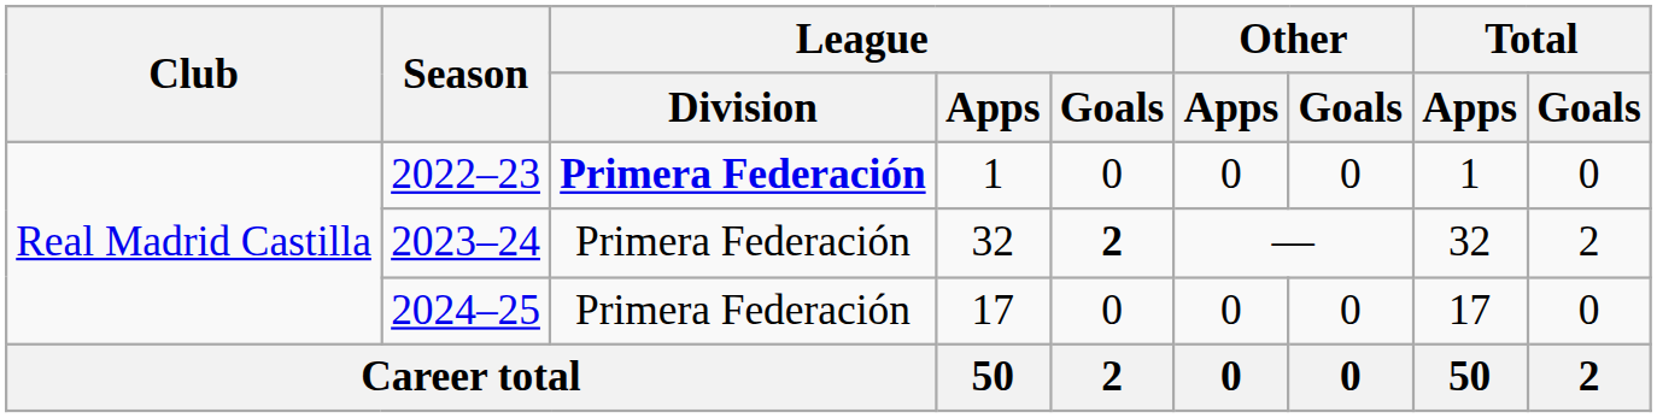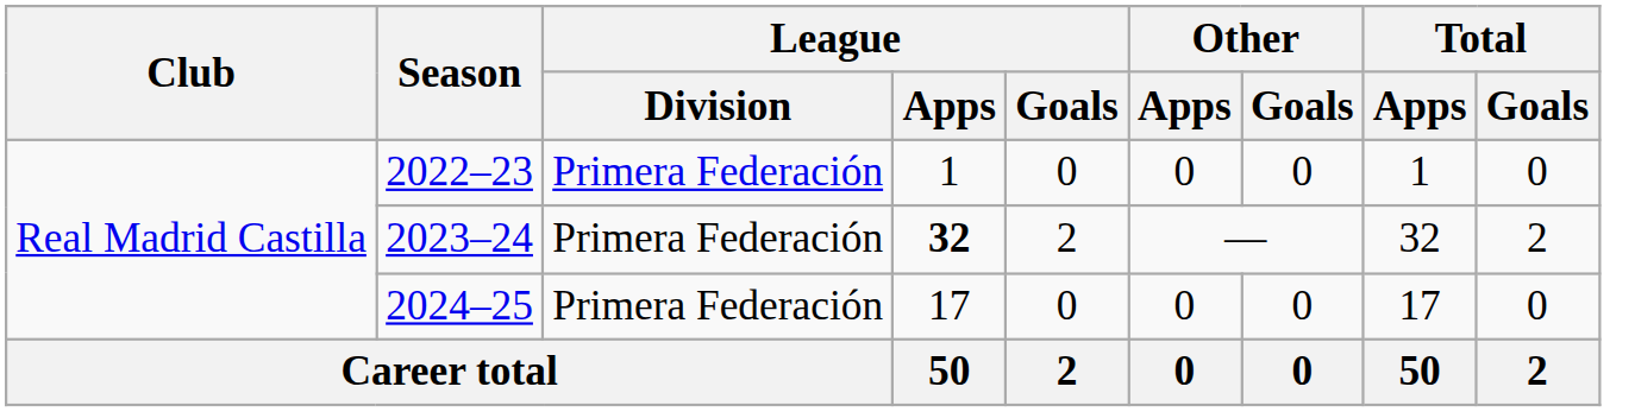 <table class="wikitable" style="text-align:center">
 <tr>
 <th rowspan="2">Club</th>
 <th rowspan="2">Season</th>
 <th colspan="3">League</th>
 <th colspan="2">Other</th>
 <th colspan="2">Total</th>
 </tr>
 <tr>
 <th>Division</th>
 <th>Apps</th>
 <th>Goals</th>
 <th>Apps</th>
 <th>Goals</th>
 <th>Apps</th>
 <th>Goals</th>
 </tr>
 <tr>
 <td rowspan="3"><a href='#'>Real Madrid Castilla</a></td>
 <td><a href='#'>2022–23</a></td>
-<td><strong><a href='#'>Primera Federación</a></strong></td>
+<td><a href='#'>Primera Federación</a></td>
 <td>1</td>
 <td>0</td>
 <td>0</td>
 <td>0</td>
 <td>1</td>
 <td>0</td>
 </tr>
 <tr>
 <td><a href='#'>2023–24</a></td>
 <td>Primera Federación</td>
-<td>32</td>
-<td><strong>2</strong></td>
+<td><strong>32</strong></td>
+<td>2</td>
 <td colspan="2">—</td>
 <td>32</td>
 <td>2</td>
 </tr>
 <tr>
 <td><a href='#'>2024–25</a></td>
 <td>Primera Federación</td>
 <td>17</td>
 <td>0</td>
 <td>0</td>
 <td>0</td>
 <td>17</td>
 <td>0</td>
 </tr>
 <tr>
 <th colspan="3">Career total</th>
 <th>50</th>
 <th>2</th>
 <th>0</th>
 <th>0</th>
 <th>50</th>
 <th>2</th>
 </tr>
 </table>
